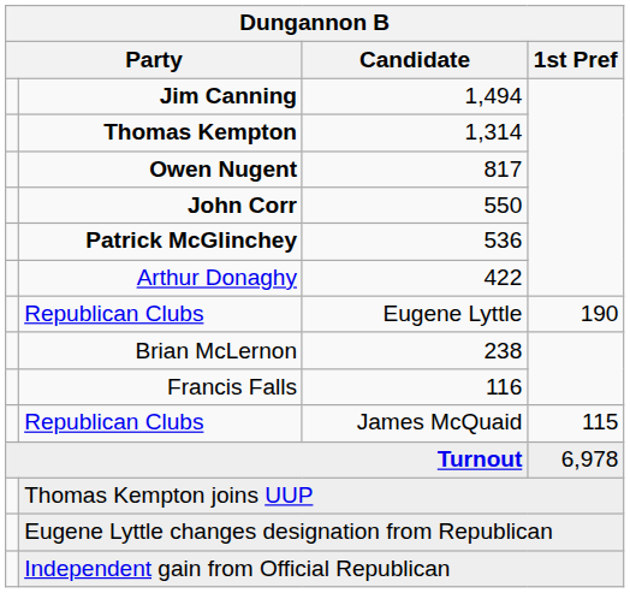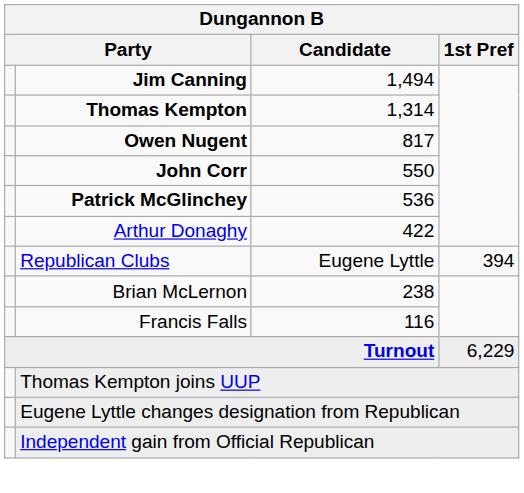 <table class="wikitable">
 <tr>
 <th colspan="4" align="center">Dungannon B</th>
 </tr>
 <tr>
 <th colspan="2" align="center" width=200>Party</th>
 <th width=150>Candidate</th>
 <th width=60>1st Pref</th>
 </tr>
 <tr>
 <td></td>
 <td align="right"><strong>Jim Canning</strong></td>
 <td align="right">1,494</td>
 </tr>
 <tr>
 <td></td>
 <td align="right"><strong>Thomas Kempton</strong></td>
 <td align="right">1,314</td>
 </tr>
 <tr>
 <td></td>
 <td align="right"><strong>Owen Nugent</strong></td>
 <td align="right">817</td>
 </tr>
 <tr>
 <td></td>
 <td align="right"><strong>John Corr</strong></td>
 <td align="right">550</td>
 </tr>
 <tr>
 <td></td>
 <td align="right"><strong>Patrick McGlinchey</strong></td>
 <td align="right">536</td>
 </tr>
 <tr>
 <td></td>
 <td align="right"><a href='#'>Arthur Donaghy</a></td>
 <td align="right">422</td>
 </tr>
 <tr>
 <td style="background-color: "></td>
 <td><a href='#'>Republican Clubs</a></td>
 <td align="right">Eugene Lyttle</td>
-<td align="right">190</td>
+<td align="right">394</td>
 </tr>
 <tr>
 <td></td>
 <td align="right">Brian McLernon</td>
 <td align="right">238</td>
 </tr>
 <tr>
 <td></td>
 <td align="right">Francis Falls</td>
 <td align="right">116</td>
 </tr>
-<tr>
-<td style="background-color: "></td>
-<td><a href='#'>Republican Clubs</a></td>
-<td align="right">James McQuaid</td>
-<td align="right">115</td>
-</tr>
 <tr bgcolor="EEEEEE">
 <td colspan=3 align="right"><strong><a href='#'>Turnout</a></strong></td>
-<td align="right">6,978</td>
+<td align="right">6,229</td>
 </tr>
 <tr>
 <td bgcolor=></td>
 <td colspan=3 bgcolor="EEEEEE">Thomas Kempton joins <a href='#'>UUP</a></td>
 </tr>
 <tr>
 <td bgcolor=></td>
 <td colspan=3 bgcolor="EEEEEE">Eugene Lyttle changes designation from Republican</td>
 </tr>
 <tr>
 <td bgcolor=></td>
 <td colspan=3 bgcolor="EEEEEE"><a href='#'>Independent</a> gain from Official Republican</td>
 </tr>
 </table>
